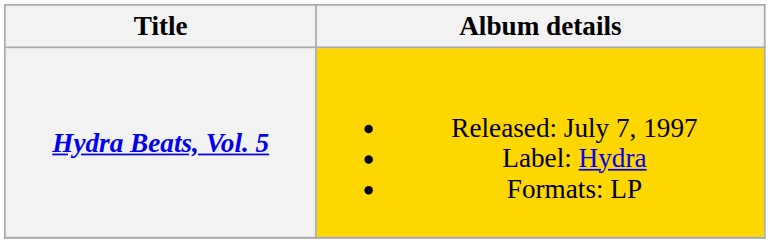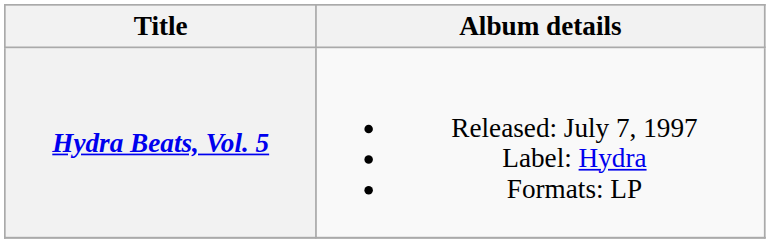 <table class="wikitable plainrowheaders" style="text-align:center;" border="1">
 <tr>
 <th scope="col" style="width:11em;">Title</th>
 <th scope="col" style="width:16em;">Album details</th>
 </tr>
 <tr>
 <th scope="row"><em><a href='#'>Hydra Beats, Vol. 5</a></em></th>
-<td style="background: gold;"><br><ul><li>Released: July 7, 1997</li><li>Label: <a href='#'>Hydra</a></li><li>Formats: LP</li></ul></td>
+<td><br><ul><li>Released: July 7, 1997</li><li>Label: <a href='#'>Hydra</a></li><li>Formats: LP</li></ul></td>
 </tr>
 <tr>
 </tr>
 </table>
